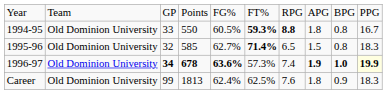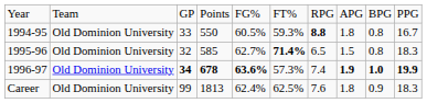 <table class="wikitable">
 <tr>
 <td>Year</td>
 <td>Team</td>
 <td>GP</td>
 <td>Points</td>
 <td>FG%</td>
 <td>FT%</td>
 <td>RPG</td>
 <td>APG</td>
 <td>BPG</td>
 <td>PPG</td>
 </tr>
 <tr>
 <td>1994-95</td>
 <td>Old Dominion University</td>
 <td>33</td>
 <td>550</td>
 <td>60.5%</td>
-<td><strong>59.3%</strong></td>
+<td>59.3%</td>
 <td><strong>8.8</strong></td>
 <td>1.8</td>
 <td>0.8</td>
 <td>16.7</td>
 </tr>
 <tr>
 <td>1995-96</td>
 <td>Old Dominion University</td>
 <td>32</td>
 <td>585</td>
 <td>62.7%</td>
 <td><strong>71.4%</strong></td>
 <td>6.5</td>
 <td>1.5</td>
 <td>0.8</td>
 <td>18.3</td>
 </tr>
 <tr>
 <td>1996-97</td>
 <td><a href='#'>Old Dominion University</a></td>
 <td><strong>34</strong></td>
 <td><strong>678</strong></td>
 <td><strong>63.6%</strong></td>
 <td>57.3%</td>
 <td>7.4</td>
 <td><strong>1.9</strong></td>
 <td><strong>1.0</strong></td>
-<td style="background: lightyellow;"><strong>19.9</strong></td>
+<td><strong>19.9</strong></td>
 </tr>
 <tr>
 <td>Career</td>
 <td>Old Dominion University</td>
 <td>99</td>
 <td>1813</td>
 <td>62.4%</td>
 <td>62.5%</td>
 <td>7.6</td>
 <td>1.8</td>
 <td>0.9</td>
 <td>18.3</td>
 </tr>
 </table>
